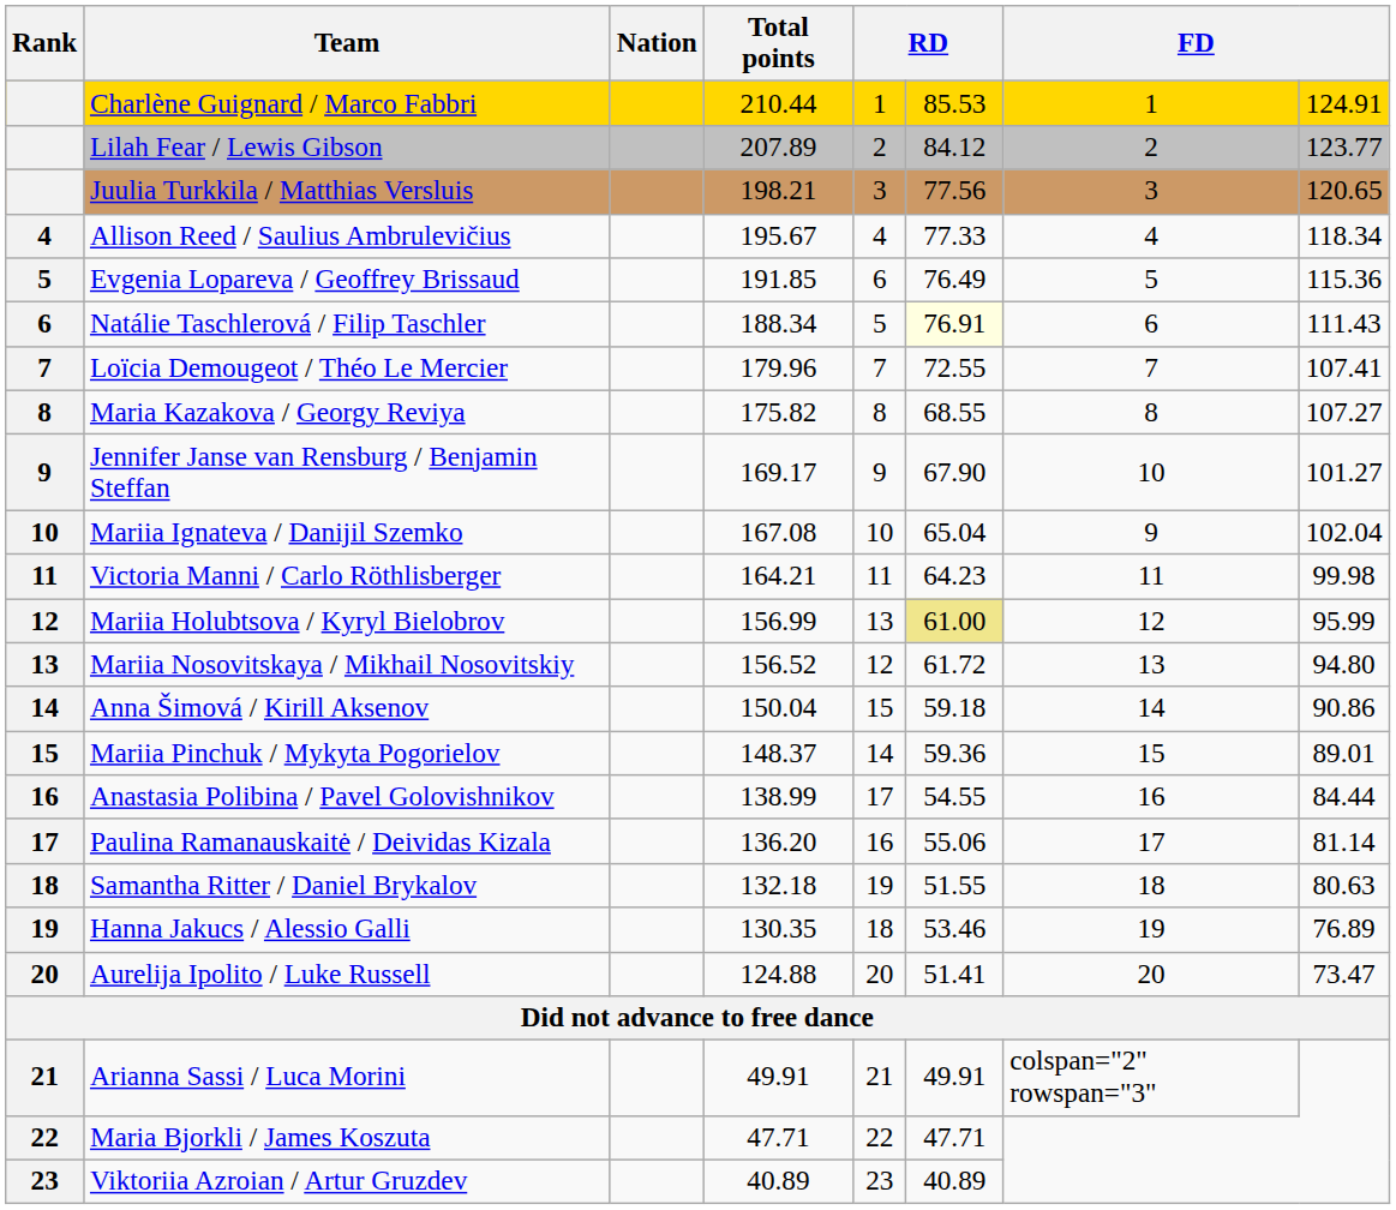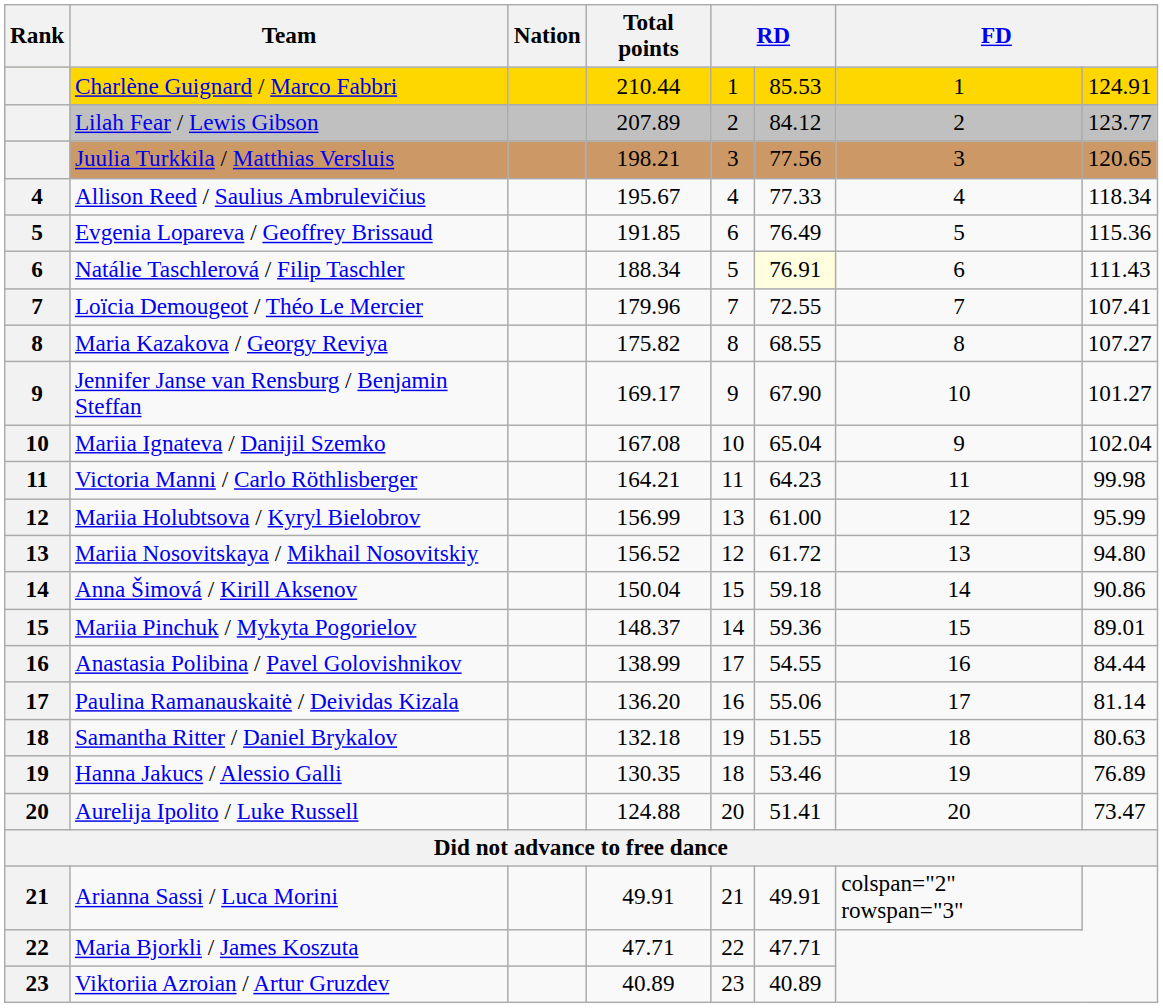 <table class="wikitable sortable" style="text-align:left; width:90%">
 <tr>
 <th scope="col">Rank</th>
 <th scope="col">Team</th>
 <th scope="col">Nation</th>
 <th scope="col">Total points</th>
 <th scope="col" colspan="2" width="80px"><a href='#'>RD</a></th>
 <th scope="col" colspan="2" width="80px"><a href='#'>FD</a></th>
 </tr>
 <tr bgcolor="gold">
 <th scope="row"></th>
 <td><a href='#'>Charlène Guignard</a> / <a href='#'>Marco Fabbri</a></td>
 <td></td>
 <td align="center">210.44</td>
 <td align="center">1</td>
 <td align="center">85.53</td>
 <td align="center">1</td>
 <td align="center">124.91</td>
 </tr>
 <tr bgcolor="silver">
 <th scope="row"></th>
 <td><a href='#'>Lilah Fear</a> / <a href='#'>Lewis Gibson</a></td>
 <td></td>
 <td align="center">207.89</td>
 <td align="center">2</td>
 <td align="center">84.12</td>
 <td align="center">2</td>
 <td align="center">123.77</td>
 </tr>
 <tr bgcolor="#cc9966">
 <th scope="row"></th>
 <td><a href='#'>Juulia Turkkila</a> / <a href='#'>Matthias Versluis</a></td>
 <td></td>
 <td align="center">198.21</td>
 <td align="center">3</td>
 <td align="center">77.56</td>
 <td align="center">3</td>
 <td align="center">120.65</td>
 </tr>
 <tr>
 <th scope="row">4</th>
 <td><a href='#'>Allison Reed</a> / <a href='#'>Saulius Ambrulevičius</a></td>
 <td></td>
 <td align="center">195.67</td>
 <td align="center">4</td>
 <td align="center">77.33</td>
 <td align="center">4</td>
 <td align="center">118.34</td>
 </tr>
 <tr>
 <th scope="row">5</th>
 <td><a href='#'>Evgenia Lopareva</a> / <a href='#'>Geoffrey Brissaud</a></td>
 <td></td>
 <td align="center">191.85</td>
 <td align="center">6</td>
 <td align="center">76.49</td>
 <td align="center">5</td>
 <td align="center">115.36</td>
 </tr>
 <tr>
 <th scope="row">6</th>
 <td><a href='#'>Natálie Taschlerová</a> / <a href='#'>Filip Taschler</a></td>
 <td></td>
 <td align="center">188.34</td>
 <td align="center">5</td>
 <td align="center" style="background: lightyellow;">76.91</td>
 <td align="center">6</td>
 <td align="center">111.43</td>
 </tr>
 <tr>
 <th scope="row">7</th>
 <td><a href='#'>Loïcia Demougeot</a> / <a href='#'>Théo Le Mercier</a></td>
 <td></td>
 <td align="center">179.96</td>
 <td align="center">7</td>
 <td align="center">72.55</td>
 <td align="center">7</td>
 <td align="center">107.41</td>
 </tr>
 <tr>
 <th scope="row">8</th>
 <td><a href='#'>Maria Kazakova</a> / <a href='#'>Georgy Reviya</a></td>
 <td></td>
 <td align="center">175.82</td>
 <td align="center">8</td>
 <td align="center">68.55</td>
 <td align="center">8</td>
 <td align="center">107.27</td>
 </tr>
 <tr>
 <th scope="row">9</th>
 <td><a href='#'>Jennifer Janse van Rensburg</a> / <a href='#'>Benjamin Steffan</a></td>
 <td></td>
 <td align="center">169.17</td>
 <td align="center">9</td>
 <td align="center">67.90</td>
 <td align="center">10</td>
 <td align="center">101.27</td>
 </tr>
 <tr>
 <th scope="row">10</th>
 <td><a href='#'>Mariia Ignateva</a> / <a href='#'>Danijil Szemko</a></td>
 <td></td>
 <td align="center">167.08</td>
 <td align="center">10</td>
 <td align="center">65.04</td>
 <td align="center">9</td>
 <td align="center">102.04</td>
 </tr>
 <tr>
 <th scope="row">11</th>
 <td><a href='#'>Victoria Manni</a> / <a href='#'>Carlo Röthlisberger</a></td>
 <td></td>
 <td align="center">164.21</td>
 <td align="center">11</td>
 <td align="center">64.23</td>
 <td align="center">11</td>
 <td align="center">99.98</td>
 </tr>
 <tr>
 <th scope="row">12</th>
 <td><a href='#'>Mariia Holubtsova</a> / <a href='#'>Kyryl Bielobrov</a></td>
 <td></td>
 <td align="center">156.99</td>
 <td align="center">13</td>
-<td align="center" style="background: khaki;">61.00</td>
+<td align="center">61.00</td>
 <td align="center">12</td>
 <td align="center">95.99</td>
 </tr>
 <tr>
 <th scope="row">13</th>
 <td><a href='#'>Mariia Nosovitskaya</a> / <a href='#'>Mikhail Nosovitskiy</a></td>
 <td></td>
 <td align="center">156.52</td>
 <td align="center">12</td>
 <td align="center">61.72</td>
 <td align="center">13</td>
 <td align="center">94.80</td>
 </tr>
 <tr>
 <th scope="row">14</th>
 <td><a href='#'>Anna Šimová</a> / <a href='#'>Kirill Aksenov</a></td>
 <td></td>
 <td align="center">150.04</td>
 <td align="center">15</td>
 <td align="center">59.18</td>
 <td align="center">14</td>
 <td align="center">90.86</td>
 </tr>
 <tr>
 <th scope="row">15</th>
 <td><a href='#'>Mariia Pinchuk</a> / <a href='#'>Mykyta Pogorielov</a></td>
 <td></td>
 <td align="center">148.37</td>
 <td align="center">14</td>
 <td align="center">59.36</td>
 <td align="center">15</td>
 <td align="center">89.01</td>
 </tr>
 <tr>
 <th scope="row">16</th>
 <td><a href='#'>Anastasia Polibina</a> / <a href='#'>Pavel Golovishnikov</a></td>
 <td></td>
 <td align="center">138.99</td>
 <td align="center">17</td>
 <td align="center">54.55</td>
 <td align="center">16</td>
 <td align="center">84.44</td>
 </tr>
 <tr>
 <th scope="row">17</th>
 <td><a href='#'>Paulina Ramanauskaitė</a> / <a href='#'>Deividas Kizala</a></td>
 <td></td>
 <td align="center">136.20</td>
 <td align="center">16</td>
 <td align="center">55.06</td>
 <td align="center">17</td>
 <td align="center">81.14</td>
 </tr>
 <tr>
 <th scope="row">18</th>
 <td><a href='#'>Samantha Ritter</a> / <a href='#'>Daniel Brykalov</a></td>
 <td></td>
 <td align="center">132.18</td>
 <td align="center">19</td>
 <td align="center">51.55</td>
 <td align="center">18</td>
 <td align="center">80.63</td>
 </tr>
 <tr>
 <th scope="row">19</th>
 <td><a href='#'>Hanna Jakucs</a> / <a href='#'>Alessio Galli</a></td>
 <td></td>
 <td align="center">130.35</td>
 <td align="center">18</td>
 <td align="center">53.46</td>
 <td align="center">19</td>
 <td align="center">76.89</td>
 </tr>
 <tr>
 <th scope="row">20</th>
 <td><a href='#'>Aurelija Ipolito</a> / <a href='#'>Luke Russell</a></td>
 <td></td>
 <td align="center">124.88</td>
 <td align="center">20</td>
 <td align="center">51.41</td>
 <td align="center">20</td>
 <td align="center">73.47</td>
 </tr>
 <tr>
 <th colspan=8>Did not advance to free dance</th>
 </tr>
 <tr>
 <th scope="row">21</th>
 <td><a href='#'>Arianna Sassi</a> / <a href='#'>Luca Morini</a></td>
 <td></td>
 <td align="center">49.91</td>
 <td align="center">21</td>
 <td align="center">49.91</td>
 <td>colspan="2" rowspan="3" </td>
 </tr>
 <tr>
 <th scope="row">22</th>
 <td><a href='#'>Maria Bjorkli</a> / <a href='#'>James Koszuta</a></td>
 <td></td>
 <td align="center">47.71</td>
 <td align="center">22</td>
 <td align="center">47.71</td>
 </tr>
 <tr>
 <th scope="row">23</th>
 <td><a href='#'>Viktoriia Azroian</a> / <a href='#'>Artur Gruzdev</a></td>
 <td></td>
 <td align="center">40.89</td>
 <td align="center">23</td>
 <td align="center">40.89</td>
 </tr>
 </table>
